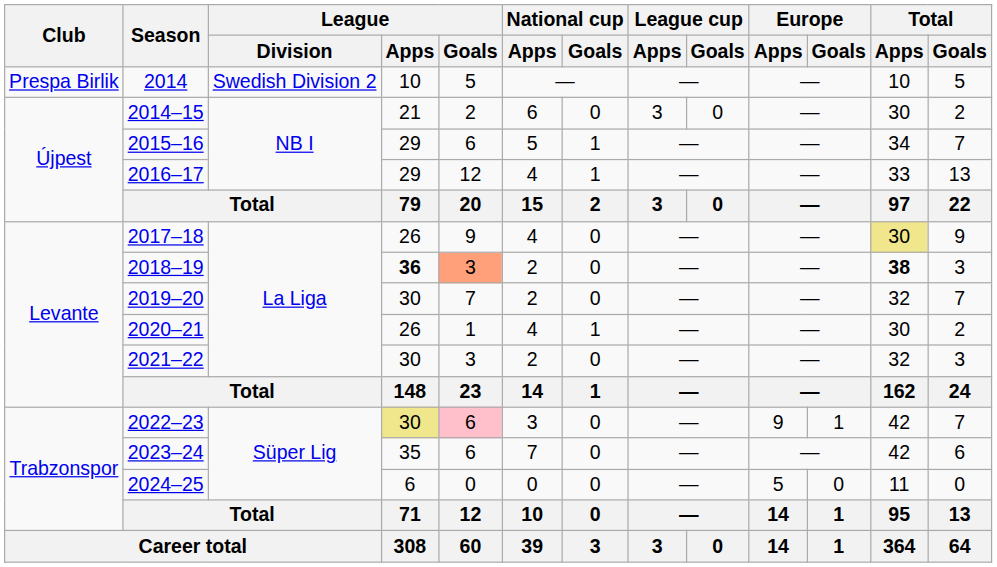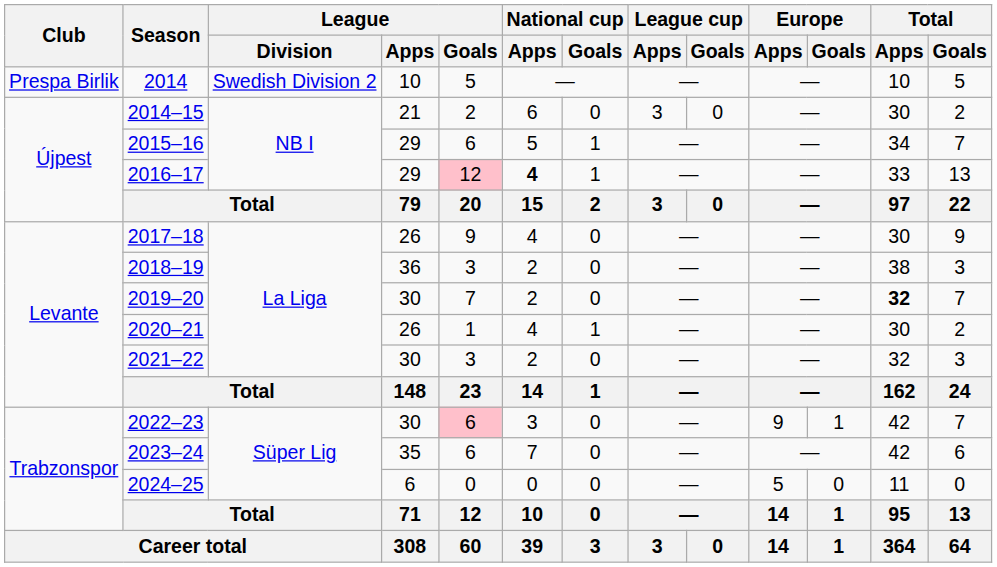 <table class="wikitable" style="text-align:center">
 <tr>
 <th rowspan="2">Club</th>
 <th rowspan="2">Season</th>
 <th colspan="3">League</th>
 <th colspan="2">National cup</th>
 <th colspan="2">League cup</th>
 <th colspan="2">Europe</th>
 <th colspan="2">Total</th>
 </tr>
 <tr>
 <th>Division</th>
 <th>Apps</th>
 <th>Goals</th>
 <th>Apps</th>
 <th>Goals</th>
 <th>Apps</th>
 <th>Goals</th>
 <th>Apps</th>
 <th>Goals</th>
 <th>Apps</th>
 <th>Goals</th>
 </tr>
 <tr>
 <td><a href='#'>Prespa Birlik</a></td>
 <td><a href='#'>2014</a></td>
 <td><a href='#'>Swedish Division 2</a></td>
 <td>10</td>
 <td>5</td>
 <td colspan="2">—</td>
 <td colspan="2">—</td>
 <td colspan="2">—</td>
 <td>10</td>
 <td>5</td>
 </tr>
 <tr>
 <td rowspan="4"><a href='#'>Újpest</a></td>
 <td><a href='#'>2014–15</a></td>
 <td rowspan="3"><a href='#'>NB I</a></td>
 <td>21</td>
 <td>2</td>
 <td>6</td>
 <td>0</td>
 <td>3</td>
 <td>0</td>
 <td colspan="2">—</td>
 <td>30</td>
 <td>2</td>
 </tr>
 <tr>
 <td><a href='#'>2015–16</a></td>
 <td>29</td>
 <td>6</td>
 <td>5</td>
 <td>1</td>
 <td colspan="2">—</td>
 <td colspan="2">—</td>
 <td>34</td>
 <td>7</td>
 </tr>
 <tr>
 <td><a href='#'>2016–17</a></td>
 <td>29</td>
-<td>12</td>
-<td>4</td>
+<td style="background: pink;">12</td>
+<td><strong>4</strong></td>
 <td>1</td>
 <td colspan="2">—</td>
 <td colspan="2">—</td>
 <td>33</td>
 <td>13</td>
 </tr>
 <tr>
 <th colspan="2">Total</th>
 <th>79</th>
 <th>20</th>
 <th>15</th>
 <th>2</th>
 <th>3</th>
 <th>0</th>
 <th colspan="2">—</th>
 <th>97</th>
 <th>22</th>
 </tr>
 <tr>
 <td rowspan="6"><a href='#'>Levante</a></td>
 <td><a href='#'>2017–18</a></td>
 <td rowspan="5"><a href='#'>La Liga</a></td>
 <td>26</td>
 <td>9</td>
 <td>4</td>
 <td>0</td>
 <td colspan="2">—</td>
 <td colspan="2">—</td>
-<td style="background: khaki;">30</td>
+<td>30</td>
 <td>9</td>
 </tr>
 <tr>
 <td><a href='#'>2018–19</a></td>
-<td><strong>36</strong></td>
-<td style="background: lightsalmon;">3</td>
+<td>36</td>
+<td>3</td>
 <td>2</td>
 <td>0</td>
 <td colspan="2">—</td>
 <td colspan="2">—</td>
-<td><strong>38</strong></td>
+<td>38</td>
 <td>3</td>
 </tr>
 <tr>
 <td><a href='#'>2019–20</a></td>
 <td>30</td>
 <td>7</td>
 <td>2</td>
 <td>0</td>
 <td colspan="2">—</td>
 <td colspan="2">—</td>
-<td>32</td>
+<td><strong>32</strong></td>
 <td>7</td>
 </tr>
 <tr>
 <td><a href='#'>2020–21</a></td>
 <td>26</td>
 <td>1</td>
 <td>4</td>
 <td>1</td>
 <td colspan="2">—</td>
 <td colspan="2">—</td>
 <td>30</td>
 <td>2</td>
 </tr>
 <tr>
 <td><a href='#'>2021–22</a></td>
 <td>30</td>
 <td>3</td>
 <td>2</td>
 <td>0</td>
 <td colspan="2">—</td>
 <td colspan="2">—</td>
 <td>32</td>
 <td>3</td>
 </tr>
 <tr>
 <th colspan="2">Total</th>
 <th>148</th>
 <th>23</th>
 <th>14</th>
 <th>1</th>
 <th colspan="2">—</th>
 <th colspan="2">—</th>
 <th>162</th>
 <th>24</th>
 </tr>
 <tr>
 <td rowspan="4"><a href='#'>Trabzonspor</a></td>
 <td><a href='#'>2022–23</a></td>
 <td rowspan="3"><a href='#'>Süper Lig</a></td>
-<td style="background: khaki;">30</td>
+<td>30</td>
 <td style="background: pink;">6</td>
 <td>3</td>
 <td>0</td>
 <td colspan="2">—</td>
 <td>9</td>
 <td>1</td>
 <td>42</td>
 <td>7</td>
 </tr>
 <tr>
 <td><a href='#'>2023–24</a></td>
 <td>35</td>
 <td>6</td>
 <td>7</td>
 <td>0</td>
 <td colspan="2">—</td>
 <td colspan="2">—</td>
 <td>42</td>
 <td>6</td>
 </tr>
 <tr>
 <td><a href='#'>2024–25</a></td>
 <td>6</td>
 <td>0</td>
 <td>0</td>
 <td>0</td>
 <td colspan="2">—</td>
 <td>5</td>
 <td>0</td>
 <td>11</td>
 <td>0</td>
 </tr>
 <tr>
 <th colspan="2">Total</th>
 <th>71</th>
 <th>12</th>
 <th>10</th>
 <th>0</th>
 <th colspan="2">—</th>
 <th>14</th>
 <th>1</th>
 <th>95</th>
 <th>13</th>
 </tr>
 <tr>
 <th colspan="3">Career total</th>
 <th>308</th>
 <th>60</th>
 <th>39</th>
 <th>3</th>
 <th>3</th>
 <th>0</th>
 <th>14</th>
 <th>1</th>
 <th>364</th>
 <th>64</th>
 </tr>
 </table>
